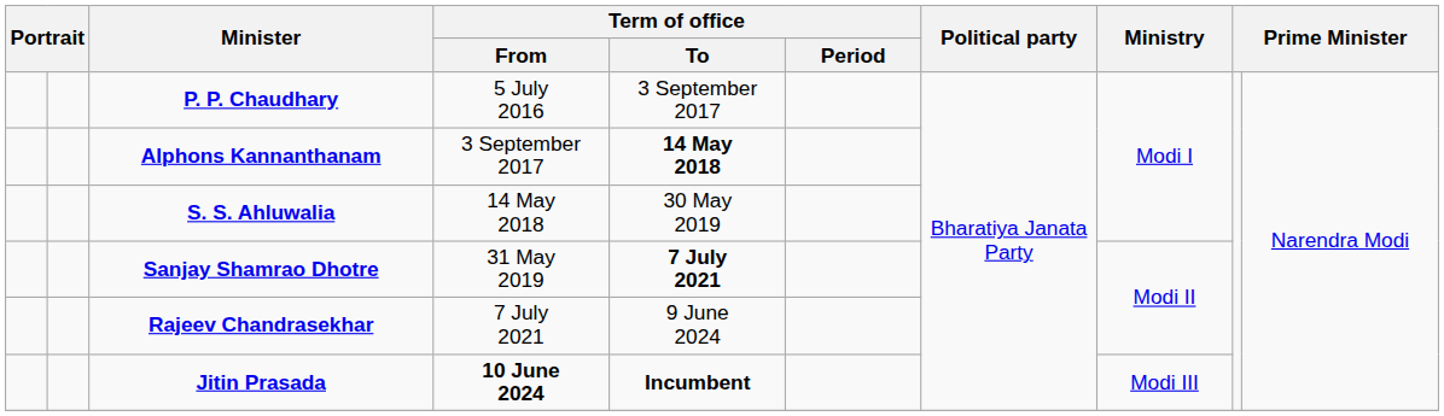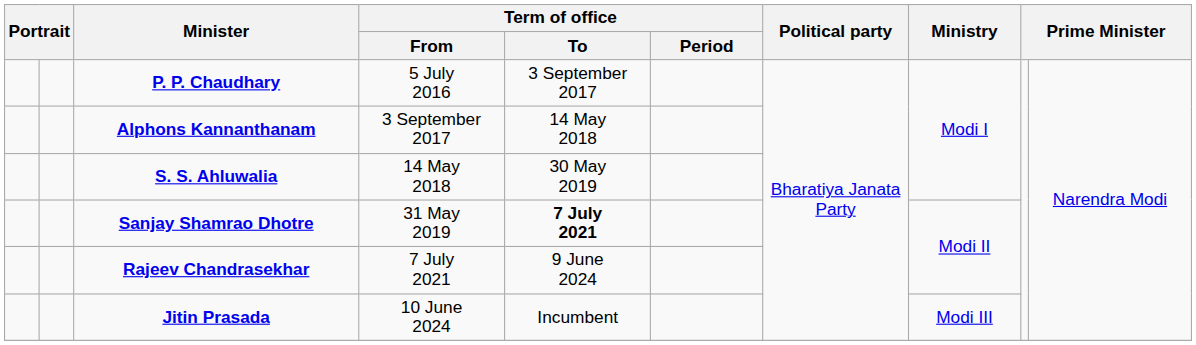 <table class="wikitable" style="text-align:center">
 <tr>
 <th rowspan="2" colspan="2">Portrait</th>
 <th rowspan="2" style="width:16em">Minister<br></th>
 <th colspan="3">Term of office</th>
 <th rowspan="2" style="width:8em">Political party</th>
 <th rowspan="2" style="width:6em">Ministry</th>
 <th rowspan="2" colspan="2">Prime Minister</th>
 </tr>
 <tr>
 <th style="width:8em">From</th>
 <th style="width:8em">To</th>
 <th style="width:6em">Period</th>
 </tr>
 <tr>
 <td></td>
 <td></td>
 <td><strong><a href='#'>P. P. Chaudhary</a></strong><br></td>
 <td>5 July<br>2016</td>
 <td>3 September<br>2017</td>
 <td><strong></strong></td>
 <td rowspan="6"><a href='#'>Bharatiya Janata Party</a></td>
 <td rowspan="3"><a href='#'>Modi I</a></td>
 <td rowspan="6"></td>
 <td rowspan="6" style="width:9em"><a href='#'>Narendra Modi</a></td>
 </tr>
 <tr>
 <td></td>
 <td></td>
 <td><strong><a href='#'>Alphons Kannanthanam</a></strong><br></td>
 <td>3 September<br>2017</td>
-<td><strong>14 May<br>2018</strong></td>
+<td>14 May<br>2018</td>
 <td><strong></strong></td>
 </tr>
 <tr>
 <td></td>
 <td></td>
 <td><strong><a href='#'>S. S. Ahluwalia</a></strong><br></td>
 <td>14 May<br>2018</td>
 <td>30 May<br>2019</td>
 <td><strong></strong></td>
 </tr>
 <tr>
 <td></td>
 <td></td>
 <td><strong><a href='#'>Sanjay Shamrao Dhotre</a></strong><br></td>
 <td>31 May<br>2019</td>
 <td><strong>7 July<br>2021</strong></td>
 <td><strong></strong></td>
 <td rowspan="2"><a href='#'>Modi II</a></td>
 </tr>
 <tr>
 <td></td>
 <td></td>
 <td><strong><a href='#'>Rajeev Chandrasekhar</a></strong><br></td>
 <td>7 July<br>2021</td>
 <td>9 June<br>2024</td>
 <td><strong></strong></td>
 </tr>
 <tr>
 <td></td>
 <td></td>
 <td><strong><a href='#'>Jitin Prasada</a></strong><br></td>
-<td><strong>10 June<br>2024</strong></td>
-<td><strong>Incumbent</strong></td>
+<td>10 June<br>2024</td>
+<td>Incumbent</td>
 <td><strong></strong></td>
 <td><a href='#'>Modi III</a></td>
 </tr>
 <tr>
 </tr>
 </table>
